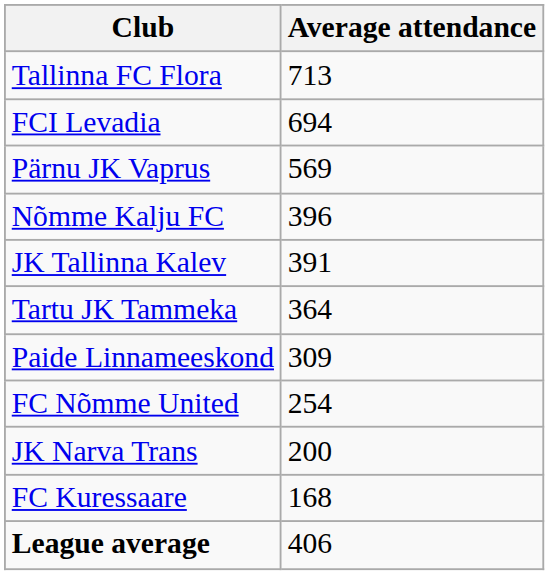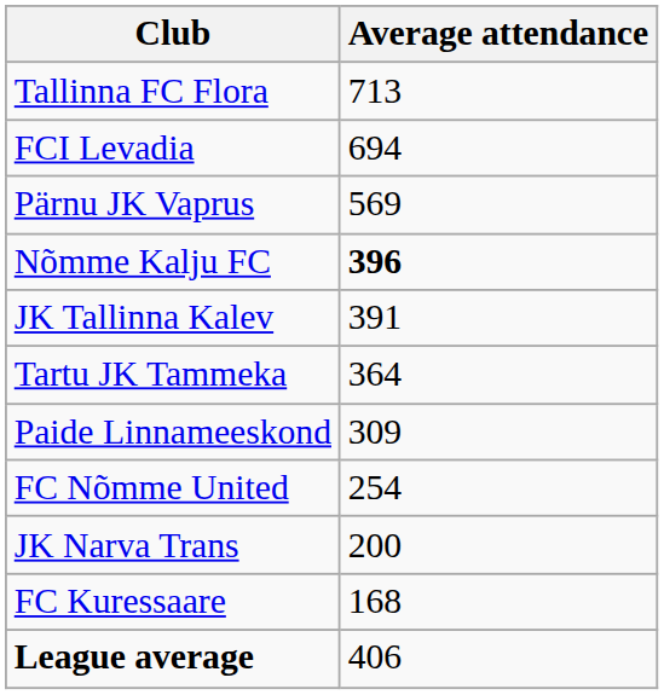 <table class="wikitable sortable">
 <tr>
 <th>Club</th>
 <th>Average attendance</th>
 </tr>
 <tr>
 <td><a href='#'>Tallinna FC Flora</a></td>
 <td>713</td>
 </tr>
 <tr>
 <td><a href='#'>FCI Levadia</a></td>
 <td>694</td>
 </tr>
 <tr>
 <td><a href='#'>Pärnu JK Vaprus</a></td>
 <td>569</td>
 </tr>
 <tr>
 <td><a href='#'>Nõmme Kalju FC</a></td>
-<td>396</td>
+<td><strong>396</strong></td>
 </tr>
 <tr>
 <td><a href='#'>JK Tallinna Kalev</a></td>
 <td>391</td>
 </tr>
 <tr>
 <td><a href='#'>Tartu JK Tammeka</a></td>
 <td>364</td>
 </tr>
 <tr>
 <td><a href='#'>Paide Linnameeskond</a></td>
 <td>309</td>
 </tr>
 <tr>
 <td><a href='#'>FC Nõmme United</a></td>
 <td>254</td>
 </tr>
 <tr>
 <td><a href='#'>JK Narva Trans</a></td>
 <td>200</td>
 </tr>
 <tr>
 <td><a href='#'>FC Kuressaare</a></td>
 <td>168</td>
 </tr>
 <tr>
 <td><strong>League average</strong></td>
 <td>406</td>
 </tr>
 </table>
